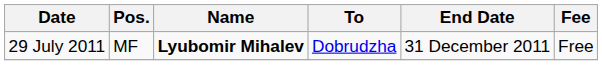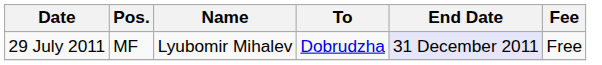 <table class="wikitable">
 <tr>
 <th>Date</th>
 <th>Pos.</th>
 <th>Name</th>
 <th>To</th>
 <th>End Date</th>
 <th>Fee</th>
 </tr>
 <tr>
 <td>29 July 2011</td>
 <td>MF</td>
-<td><strong> Lyubomir Mihalev</strong></td>
+<td> Lyubomir Mihalev</td>
 <td><a href='#'>Dobrudzha</a></td>
-<td>31 December 2011</td>
+<td style="background: lavender;">31 December 2011</td>
 <td>Free</td>
 </tr>
 <tr>
 </tr>
 </table>
